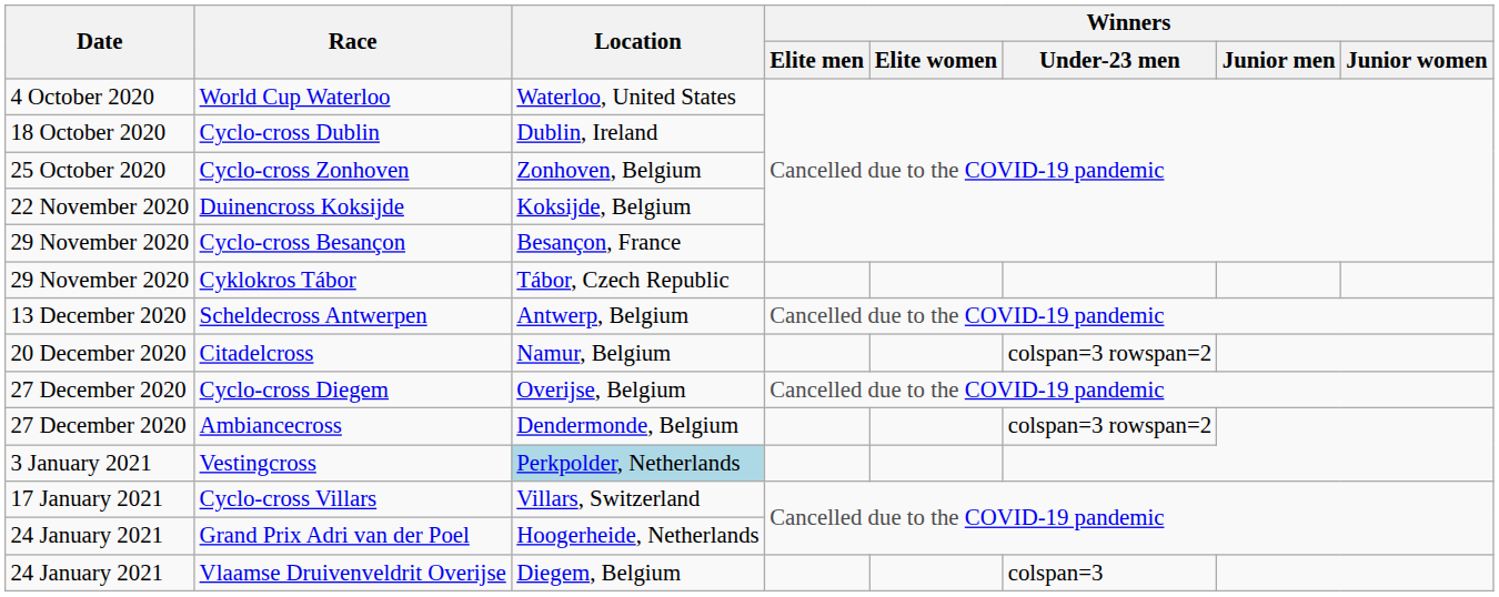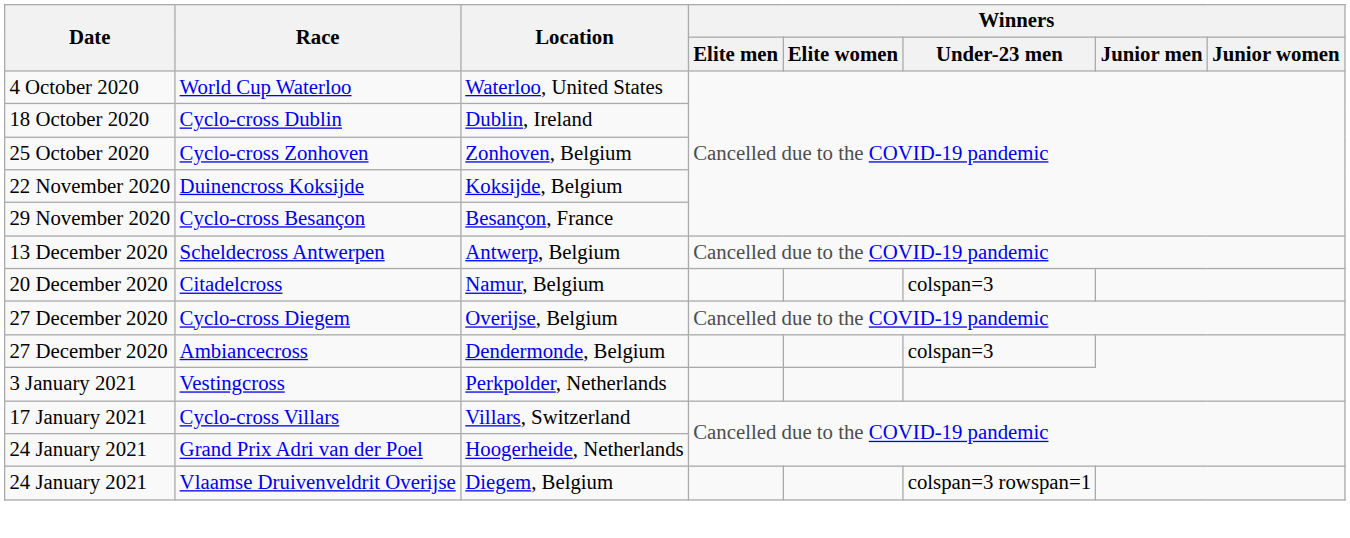 <table class="wikitable">
 <tr>
 <th rowspan=2>Date</th>
 <th rowspan=2>Race</th>
 <th rowspan=2>Location</th>
 <th colspan=5>Winners</th>
 </tr>
 <tr>
 <th>Elite men</th>
 <th>Elite women</th>
 <th>Under-23 men</th>
 <th>Junior men</th>
 <th>Junior women</th>
 </tr>
 <tr>
 <td>4 October 2020</td>
 <td><a href='#'>World Cup Waterloo</a></td>
 <td> <a href='#'>Waterloo</a>, United States</td>
 <td style="color:#4d4d4d;" colspan=5 rowspan=5>Cancelled due to the <a href='#'>COVID-19 pandemic</a></td>
 </tr>
 <tr>
 <td>18 October 2020</td>
 <td><a href='#'>Cyclo-cross Dublin</a></td>
 <td> <a href='#'>Dublin</a>, Ireland</td>
 </tr>
 <tr>
 <td>25 October 2020</td>
 <td><a href='#'>Cyclo-cross Zonhoven</a></td>
 <td> <a href='#'>Zonhoven</a>, Belgium</td>
 </tr>
 <tr>
 <td>22 November 2020</td>
 <td><a href='#'>Duinencross Koksijde</a></td>
 <td> <a href='#'>Koksijde</a>, Belgium</td>
 </tr>
 <tr>
 <td>29 November 2020</td>
 <td><a href='#'>Cyclo-cross Besançon</a></td>
 <td> <a href='#'>Besançon</a>, France</td>
 </tr>
 <tr>
-<td>29 November 2020</td>
-<td><a href='#'>Cyklokros Tábor</a></td>
-<td> <a href='#'>Tábor</a>, Czech Republic</td>
-<td></td>
-<td></td>
-<td></td>
-<td></td>
-<td></td>
-</tr>
-<tr>
 <td>13 December 2020</td>
 <td><a href='#'>Scheldecross Antwerpen</a></td>
 <td> <a href='#'>Antwerp</a>, Belgium</td>
 <td style="color:#4d4d4d;" colspan=5>Cancelled due to the <a href='#'>COVID-19 pandemic</a></td>
 </tr>
 <tr>
 <td>20 December 2020</td>
 <td><a href='#'>Citadelcross</a></td>
 <td> <a href='#'>Namur</a>, Belgium</td>
 <td></td>
 <td></td>
-<td>colspan=3 rowspan=2 </td>
+<td>colspan=3 </td>
 </tr>
 <tr>
 <td>27 December 2020</td>
 <td><a href='#'>Cyclo-cross Diegem</a></td>
 <td> <a href='#'>Overijse</a>, Belgium</td>
 <td style="color:#4d4d4d;" colspan=5>Cancelled due to the <a href='#'>COVID-19 pandemic</a></td>
 </tr>
 <tr>
 <td>27 December 2020</td>
 <td><a href='#'>Ambiancecross</a></td>
 <td> <a href='#'>Dendermonde</a>, Belgium</td>
 <td></td>
 <td></td>
-<td>colspan=3 rowspan=2 </td>
+<td>colspan=3 </td>
 </tr>
 <tr>
 <td>3 January 2021</td>
 <td><a href='#'>Vestingcross</a></td>
-<td style="background: lightblue;"> <a href='#'>Perkpolder</a>, Netherlands</td>
+<td> <a href='#'>Perkpolder</a>, Netherlands</td>
 <td></td>
 <td></td>
 </tr>
 <tr>
 <td>17 January 2021</td>
 <td><a href='#'>Cyclo-cross Villars</a></td>
 <td> <a href='#'>Villars</a>, Switzerland</td>
 <td style="color:#4d4d4d;" colspan=5 rowspan=2>Cancelled due to the <a href='#'>COVID-19 pandemic</a></td>
 </tr>
 <tr>
 <td>24 January 2021</td>
 <td><a href='#'>Grand Prix Adri van der Poel</a></td>
 <td> <a href='#'>Hoogerheide</a>, Netherlands</td>
 </tr>
 <tr>
 <td>24 January 2021</td>
 <td><a href='#'>Vlaamse Druivenveldrit Overijse</a></td>
 <td> <a href='#'>Diegem</a>, Belgium</td>
 <td></td>
 <td></td>
-<td>colspan=3 </td>
+<td>colspan=3 rowspan=1 </td>
 </tr>
 </table>
